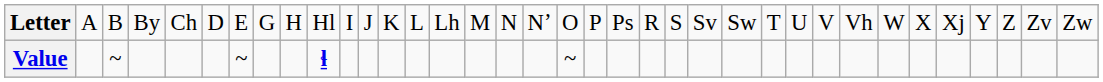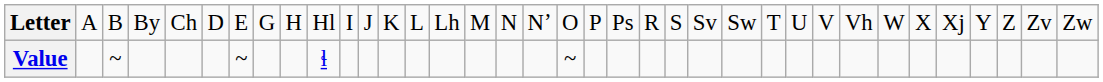 <table class="wikitable" style="text-align:center">
 <tr>
 <th>Letter</th>
 <td>A</td>
 <td>B</td>
 <td>By</td>
 <td>Ch</td>
 <td>D</td>
 <td>E</td>
 <td>G</td>
 <td>H</td>
 <td>Hl</td>
 <td>I</td>
 <td>J</td>
 <td>K</td>
 <td>L</td>
 <td>Lh</td>
 <td>M</td>
 <td>N</td>
 <td>Nʼ</td>
 <td>O</td>
 <td>P</td>
 <td>Ps</td>
 <td>R</td>
 <td>S</td>
 <td>Sv</td>
 <td>Sw</td>
 <td>T</td>
 <td>U</td>
 <td>V</td>
 <td>Vh</td>
 <td>W</td>
 <td>X</td>
 <td>Xj</td>
 <td>Y</td>
 <td>Z</td>
 <td>Zv</td>
 <td>Zw</td>
 </tr>
 <tr>
 <th><a href='#'>Value</a></th>
 <td></td>
 <td>~</td>
 <td></td>
 <td></td>
 <td></td>
 <td>~</td>
 <td></td>
 <td></td>
-<td><strong><a href='#'>ɬ</a></strong></td>
+<td><a href='#'>ɬ</a></td>
 <td></td>
 <td></td>
 <td></td>
 <td></td>
 <td></td>
 <td></td>
 <td></td>
 <td></td>
 <td>~</td>
 <td></td>
 <td></td>
 <td></td>
 <td></td>
 <td></td>
 <td></td>
 <td></td>
 <td></td>
 <td></td>
 <td></td>
 <td></td>
 <td></td>
 <td></td>
 <td></td>
 <td></td>
 <td></td>
 <td></td>
 </tr>
 </table>
